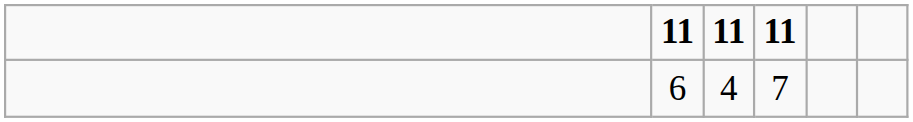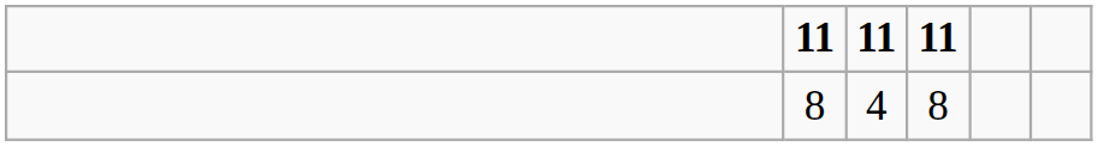 <table class="wikitable">
 <tr>
 <td style="width:18em"><strong></strong></td>
 <td align=center style="width:1em"><strong>11</strong></td>
 <td align=center style="width:1em"><strong>11</strong></td>
 <td align=center style="width:1em"><strong>11</strong></td>
 <td align=center style="width:1em"></td>
 <td align=center style="width:1em"></td>
 </tr>
 <tr>
 <td style="width:18em"></td>
-<td align=center style="width:1em">6</td>
+<td align=center style="width:1em">8</td>
 <td align=center style="width:1em">4</td>
-<td align=center style="width:1em">7</td>
+<td align=center style="width:1em">8</td>
 <td align=center style="width:1em"></td>
 <td align=center style="width:1em"></td>
 </tr>
 </table>
